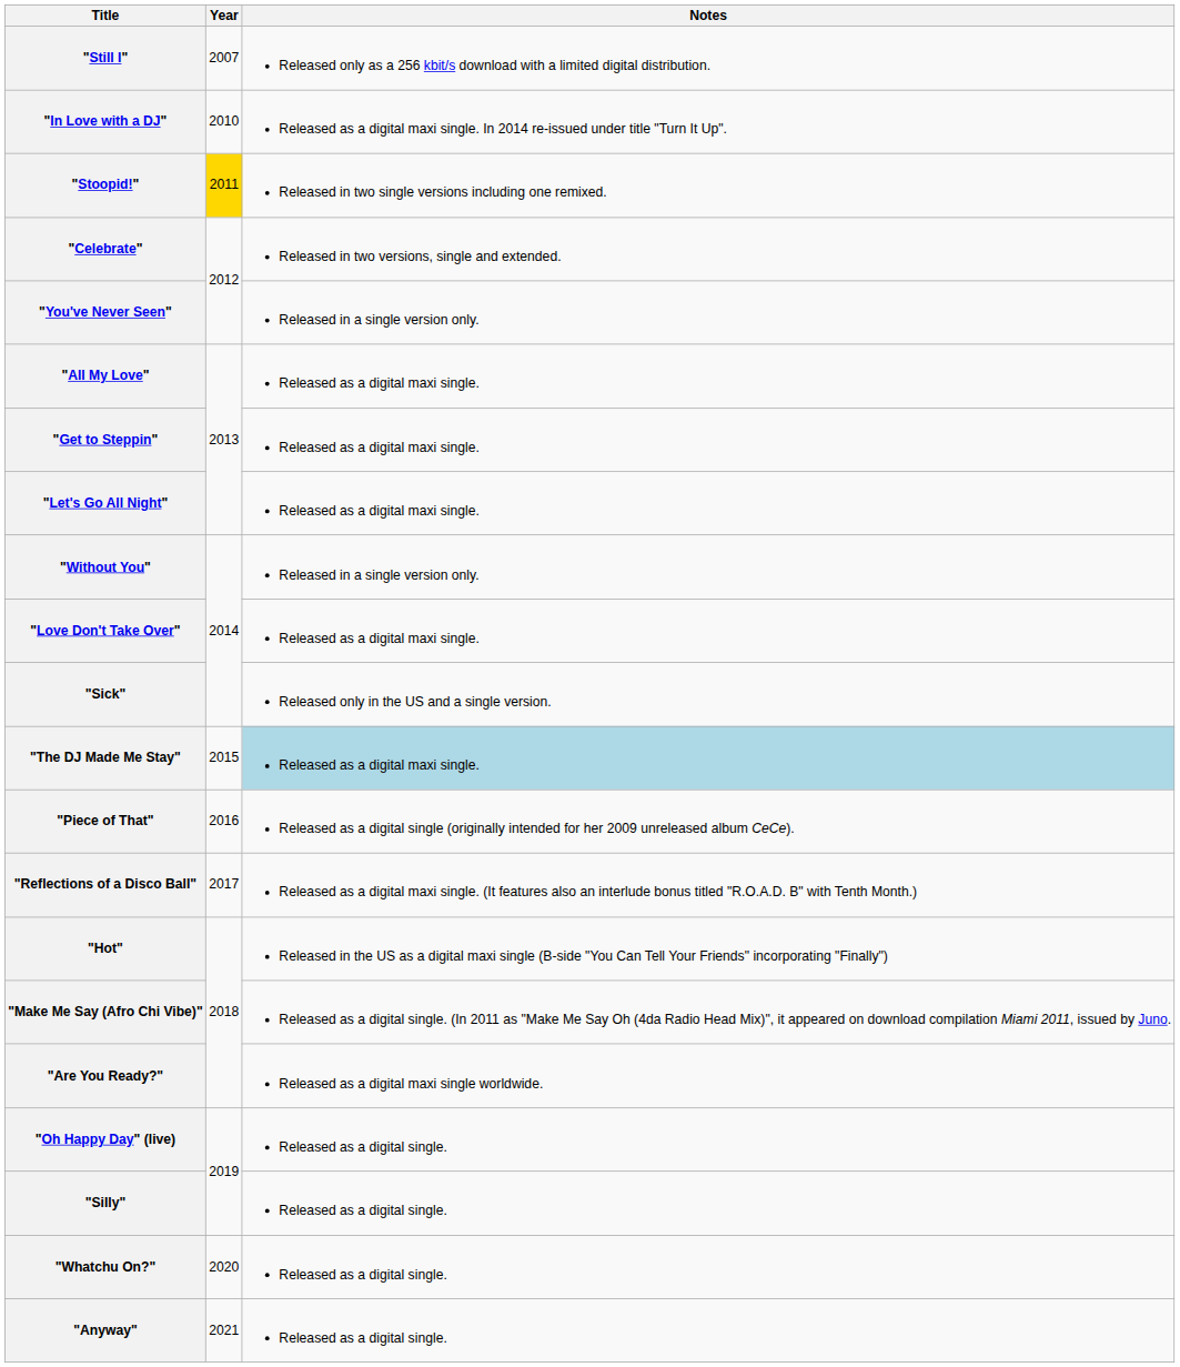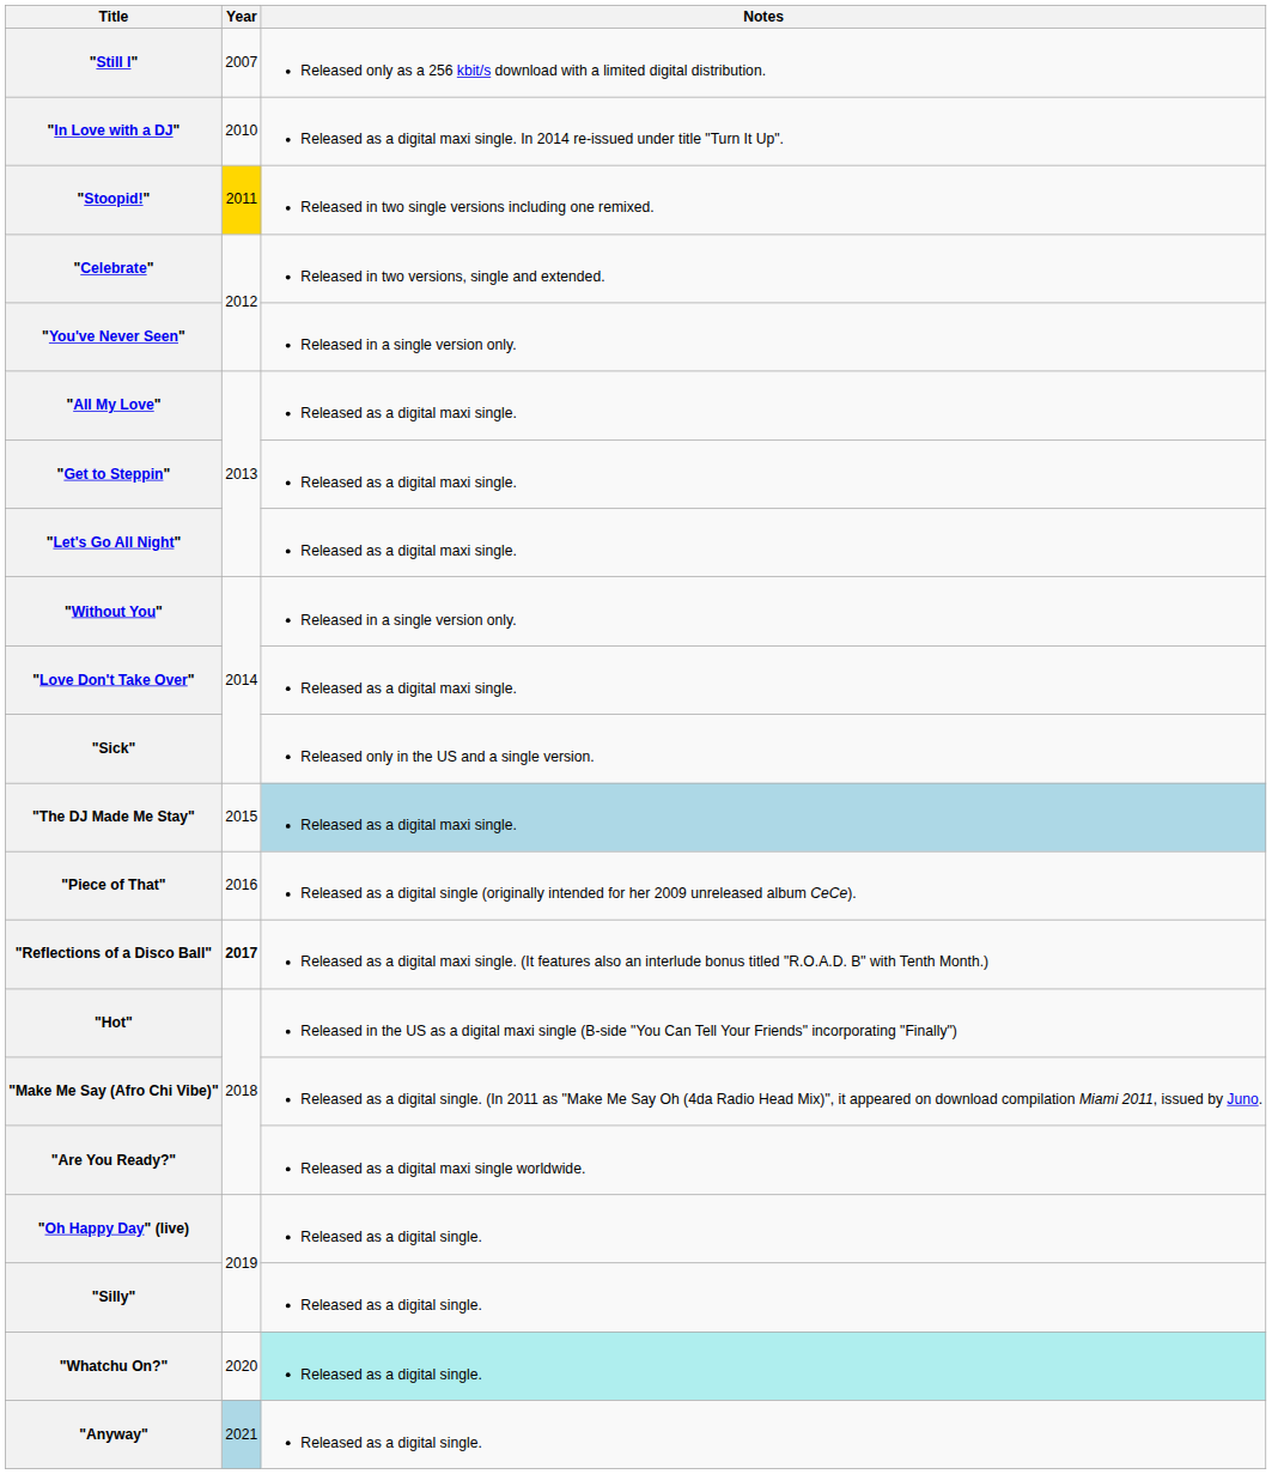 <table class="wikitable plainrowheaders">
 <tr>
 <th scope="col">Title</th>
 <th scope="col">Year</th>
 <th scope="col">Notes</th>
 </tr>
 <tr>
 <th scope="row">"<a href='#'>Still I</a>"</th>
 <td align=center>2007</td>
 <td><br><ul><li>Released only as a 256 <a href='#'>kbit/s</a> download with a limited digital distribution.</li></ul></td>
 </tr>
 <tr>
 <th scope="row">"<a href='#'>In Love with a DJ</a>"<br></th>
 <td align=center>2010</td>
 <td><br><ul><li>Released as a digital maxi single. In 2014 re-issued under title "Turn It Up".</li></ul></td>
 </tr>
 <tr>
 <th scope="row">"<a href='#'>Stoopid!</a>"</th>
 <td align=center style="background: gold;">2011</td>
 <td><br><ul><li>Released in two single versions including one remixed.</li></ul></td>
 </tr>
 <tr>
 <th scope="row">"<a href='#'>Celebrate</a>"</th>
 <td align=center rowspan=2>2012</td>
 <td><br><ul><li>Released in two versions, single and extended.</li></ul></td>
 </tr>
 <tr>
 <th scope="row">"<a href='#'>You've Never Seen</a>"<br></th>
 <td><br><ul><li>Released in a single version only.</li></ul></td>
 </tr>
 <tr>
 <th scope="row">"<a href='#'>All My Love</a>"<br></th>
 <td align=center rowspan=3>2013</td>
 <td><br><ul><li>Released as a digital maxi single.</li></ul></td>
 </tr>
 <tr>
 <th scope="row">"<a href='#'>Get to Steppin</a>"<br></th>
 <td><br><ul><li>Released as a digital maxi single.</li></ul></td>
 </tr>
 <tr>
 <th scope="row">"<a href='#'>Let's Go All Night</a>"<br></th>
 <td><br><ul><li>Released as a digital maxi single.</li></ul></td>
 </tr>
 <tr>
 <th scope="row">"<a href='#'>Without You</a>"<br></th>
 <td align=center rowspan=3>2014</td>
 <td><br><ul><li>Released in a single version only.</li></ul></td>
 </tr>
 <tr>
 <th scope="row">"<a href='#'>Love Don't Take Over</a>"<br></th>
 <td><br><ul><li>Released as a digital maxi single.</li></ul></td>
 </tr>
 <tr>
 <th scope="row">"Sick"<br></th>
 <td><br><ul><li>Released only in the US and a single version.</li></ul></td>
 </tr>
 <tr>
 <th scope="row">"The DJ Made Me Stay"<br></th>
 <td align=center>2015</td>
 <td style="background: lightblue;"><br><ul><li>Released as a digital maxi single.</li></ul></td>
 </tr>
 <tr>
 <th scope="row">"Piece of That"<br></th>
 <td align=center>2016</td>
 <td><br><ul><li>Released as a digital single (originally intended for her 2009 unreleased album <em>CeCe</em>).</li></ul></td>
 </tr>
 <tr>
 <th scope="row">"Reflections of a Disco Ball"<br></th>
-<td align=center>2017</td>
+<td align=center><strong>2017</strong></td>
 <td><br><ul><li>Released as a digital maxi single. (It features also an interlude bonus titled "R.O.A.D. B" with Tenth Month.)</li></ul></td>
 </tr>
 <tr>
 <th scope="row">"Hot"</th>
 <td align=center rowspan=3>2018</td>
 <td><br><ul><li>Released in the US as a digital maxi single (B-side "You Can Tell Your Friends" incorporating "Finally")</li></ul></td>
 </tr>
 <tr>
 <th scope="row">"Make Me Say (Afro Chi Vibe)"<br></th>
 <td><br><ul><li>Released as a digital single. (In 2011 as "Make Me Say Oh (4da Radio Head Mix)", it appeared on download compilation <em>Miami 2011</em>, issued by <a href='#'>Juno</a>.</li></ul></td>
 </tr>
 <tr>
 <th scope="row">"Are You Ready?"<br></th>
 <td><br><ul><li>Released as a digital maxi single worldwide.</li></ul></td>
 </tr>
 <tr>
 <th scope="row">"<a href='#'>Oh Happy Day</a>" (live)<br></th>
 <td rowspan=2 align=center>2019</td>
 <td><br><ul><li>Released as a digital single.</li></ul></td>
 </tr>
 <tr>
 <th scope="row">"Silly"<br></th>
 <td><br><ul><li>Released as a digital single.</li></ul></td>
 </tr>
 <tr>
 <th scope="row">"Whatchu On?"<br></th>
 <td align=center>2020</td>
-<td><br><ul><li>Released as a digital single.</li></ul></td>
+<td style="background: paleturquoise;"><br><ul><li>Released as a digital single.</li></ul></td>
 </tr>
 <tr>
 <th scope="row">"Anyway"</th>
-<td align=center>2021</td>
+<td align=center style="background: lightblue;">2021</td>
 <td><br><ul><li>Released as a digital single.</li></ul></td>
 </tr>
 </table>
